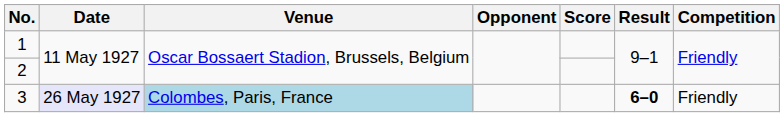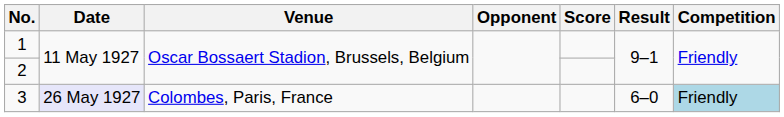 <table class="wikitable sortable">
 <tr>
 <th scope="col">No.</th>
 <th scope="col">Date</th>
 <th scope="col">Venue</th>
 <th scope="col">Opponent</th>
 <th scope="col">Score</th>
 <th scope="col">Result</th>
 <th scope="col">Competition</th>
 </tr>
 <tr>
 <td style="text-align:center">1</td>
 <td rowspan="2">11 May 1927</td>
 <td rowspan="2"><a href='#'>Oscar Bossaert Stadion</a>, Brussels, Belgium</td>
 <td rowspan="2"></td>
 <td></td>
 <td rowspan="2" style="text-align:center">9–1</td>
 <td rowspan="2"><a href='#'>Friendly</a></td>
 </tr>
 <tr>
 <td style="text-align:center">2</td>
 <td></td>
 </tr>
 <tr>
 <td style="text-align:center">3</td>
 <td style="background: lavender;">26 May 1927</td>
-<td style="background: lightblue;"><a href='#'>Colombes</a>, Paris, France</td>
+<td><a href='#'>Colombes</a>, Paris, France</td>
 <td></td>
 <td></td>
-<td style="text-align:center"><strong>6–0</strong></td>
-<td>Friendly</td>
+<td style="text-align:center">6–0</td>
+<td style="background: lightblue;">Friendly</td>
 </tr>
 </table>
